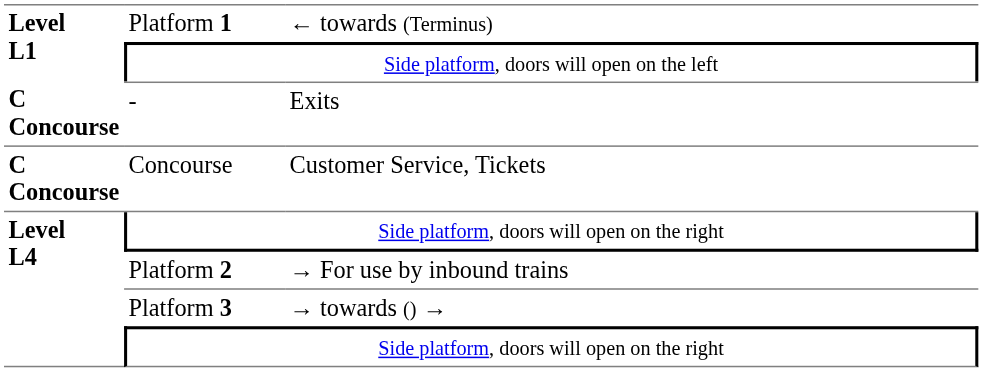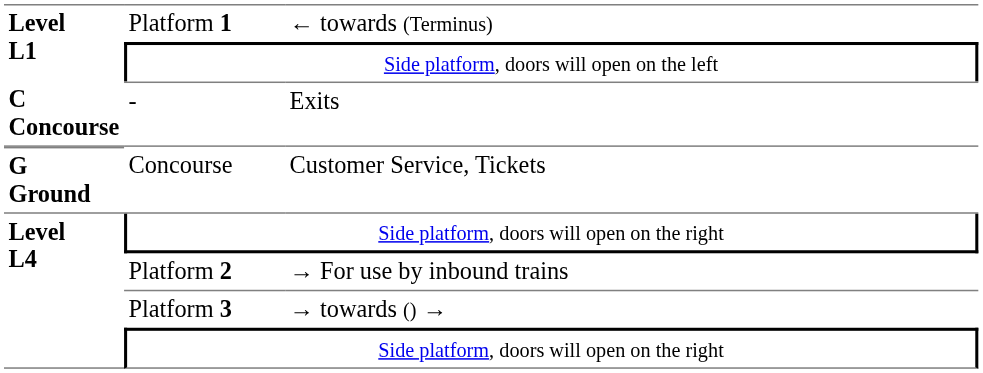 <table border=0 cellspacing=0 cellpadding=3>
 <tr>
 <td style="border-top:solid 1px gray;" rowspan=2 width=50 valign=top><strong>Level<br>L1</strong></td>
 <td style="border-top:solid 1px gray;">Platform <span><strong>1</strong></span></td>
 <td style="border-top:solid 1px gray;">←  towards  <small>(Terminus)</small></td>
 </tr>
 <tr>
 <td style="border-right:solid 2px black;border-left:solid 2px black;border-top:solid 2px black;text-align:center;" colspan=2><small><a href='#'>Side platform</a>, doors will open on the left</small></td>
 </tr>
 <tr>
 <td style="border-bottom:solid 1px gray;" valign=top><strong>C<br>Concourse</strong></td>
 <td style="border-top:solid 1px gray;border-bottom:solid 1px gray;" width=100 valign=top>-</td>
 <td style="border-top:solid 1px gray;border-bottom:solid 1px gray;" width=450 valign=top>Exits</td>
 </tr>
 <tr>
-<td style="border-bottom:solid 1px gray;" valign=top><strong>C<br>Concourse</strong></td>
+<td style="border-bottom:solid 1px gray;border-top:solid 1px gray;" width=50 valign=top><strong>G<br>Ground</strong></td>
 <td style="border-bottom:solid 1px gray;" valign=top>Concourse</td>
 <td style="border-bottom:solid 1px gray;" valign=top>Customer Service, Tickets</td>
 </tr>
 <tr>
 <td style="border-bottom:solid 1px gray;" rowspan=4 valign=top><strong>Level<br>L4</strong></td>
 <td style="border-right:solid 2px black;border-left:solid 2px black;border-bottom:solid 2px black;text-align:center;" colspan=2><small><a href='#'>Side platform</a>, doors will open on the right</small></td>
 </tr>
 <tr>
 <td style="border-bottom:solid 1px gray;">Platform <span><strong>2</strong></span></td>
 <td style="border-bottom:solid 1px gray;"><span>→</span>  For use by inbound trains</td>
 </tr>
 <tr>
 <td>Platform <span><strong>3</strong></span></td>
 <td><span>→</span>  towards  <small>()</small> →</td>
 </tr>
 <tr>
 <td style="border-bottom:solid 1px gray;border-top:solid 2px black;border-right:solid 2px black;border-left:solid 2px black;text-align:center;" colspan=2><small><a href='#'>Side platform</a>, doors will open on the right </small></td>
 </tr>
 </table>
